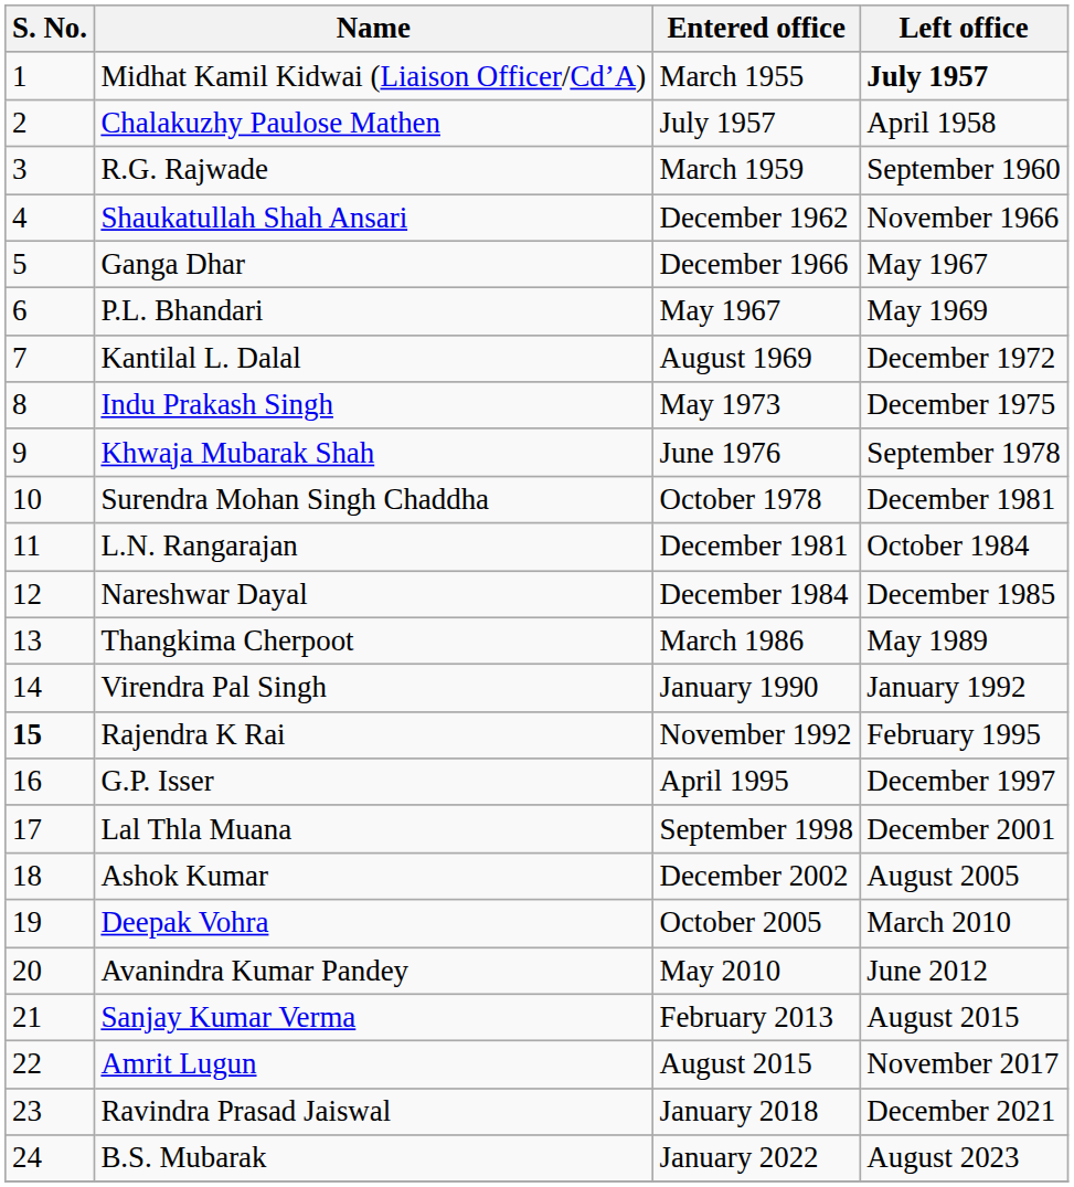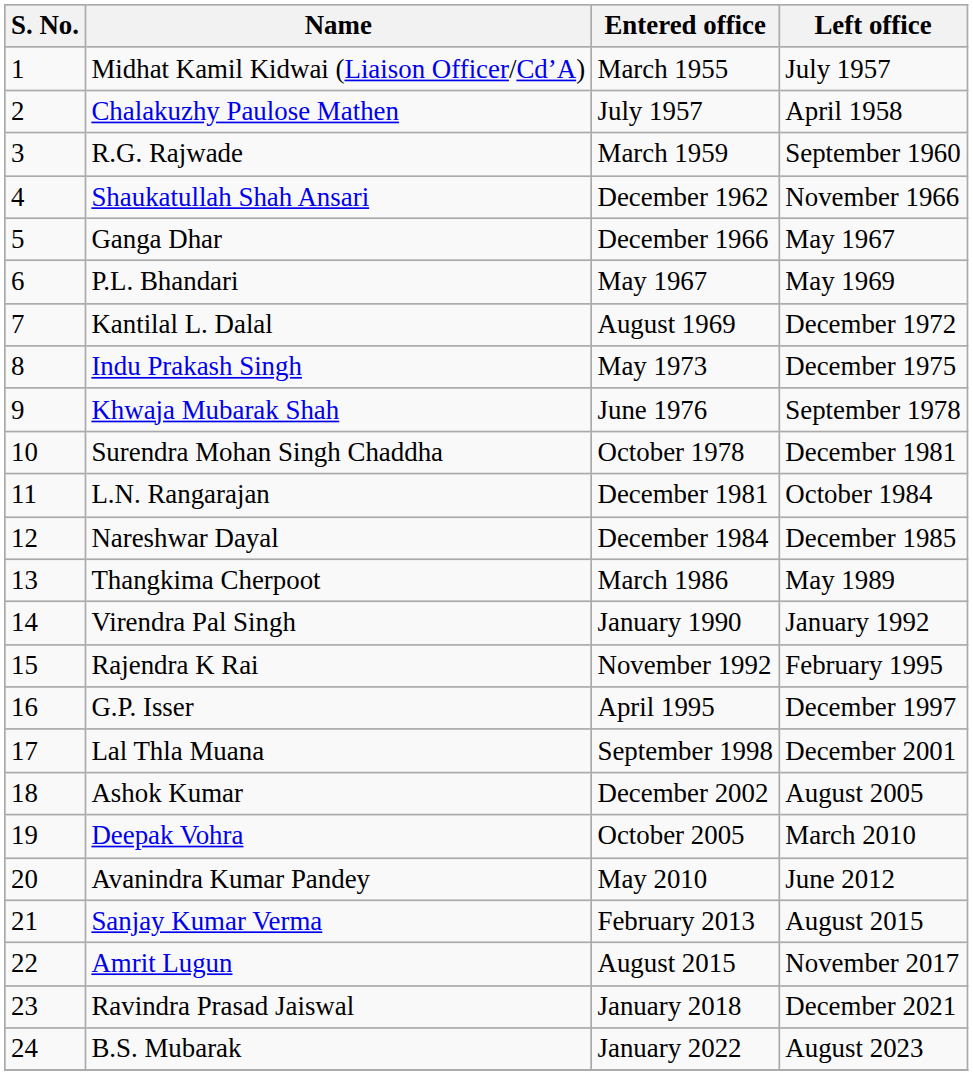 <table class="wikitable">
 <tr>
 <th>S. No.</th>
 <th>Name</th>
 <th>Entered office</th>
 <th>Left office</th>
 </tr>
 <tr>
 <td>1</td>
 <td>Midhat Kamil Kidwai (<a href='#'>Liaison Officer</a>/<a href='#'>Cd’A</a>)</td>
 <td>March 1955</td>
-<td><strong>July 1957</strong></td>
+<td>July 1957</td>
 </tr>
 <tr>
 <td>2</td>
 <td><a href='#'>Chalakuzhy Paulose Mathen</a></td>
 <td>July 1957</td>
 <td>April 1958</td>
 </tr>
 <tr>
 <td>3</td>
 <td>R.G. Rajwade</td>
 <td>March 1959</td>
 <td>September 1960</td>
 </tr>
 <tr>
 <td>4</td>
 <td><a href='#'>Shaukatullah Shah Ansari</a></td>
 <td>December 1962</td>
 <td>November 1966</td>
 </tr>
 <tr>
 <td>5</td>
 <td>Ganga Dhar</td>
 <td>December 1966</td>
 <td>May 1967</td>
 </tr>
 <tr>
 <td>6</td>
 <td>P.L. Bhandari</td>
 <td>May 1967</td>
 <td>May 1969</td>
 </tr>
 <tr>
 <td>7</td>
 <td>Kantilal L. Dalal</td>
 <td>August 1969</td>
 <td>December 1972</td>
 </tr>
 <tr>
 <td>8</td>
 <td><a href='#'>Indu Prakash Singh</a></td>
 <td>May 1973</td>
 <td>December 1975</td>
 </tr>
 <tr>
 <td>9</td>
 <td><a href='#'>Khwaja Mubarak Shah</a></td>
 <td>June 1976</td>
 <td>September 1978</td>
 </tr>
 <tr>
 <td>10</td>
 <td>Surendra Mohan Singh Chaddha</td>
 <td>October 1978</td>
 <td>December 1981</td>
 </tr>
 <tr>
 <td>11</td>
 <td>L.N. Rangarajan</td>
 <td>December 1981</td>
 <td>October 1984</td>
 </tr>
 <tr>
 <td>12</td>
 <td>Nareshwar Dayal</td>
 <td>December 1984</td>
 <td>December 1985</td>
 </tr>
 <tr>
 <td>13</td>
 <td>Thangkima Cherpoot</td>
 <td>March 1986</td>
 <td>May 1989</td>
 </tr>
 <tr>
 <td>14</td>
 <td>Virendra Pal Singh</td>
 <td>January 1990</td>
 <td>January 1992</td>
 </tr>
 <tr>
-<td><strong>15</strong></td>
+<td>15</td>
 <td>Rajendra K Rai</td>
 <td>November 1992</td>
 <td>February 1995</td>
 </tr>
 <tr>
 <td>16</td>
 <td>G.P. Isser</td>
 <td>April 1995</td>
 <td>December 1997</td>
 </tr>
 <tr>
 <td>17</td>
 <td>Lal Thla Muana</td>
 <td>September 1998</td>
 <td>December 2001</td>
 </tr>
 <tr>
 <td>18</td>
 <td>Ashok Kumar</td>
 <td>December 2002</td>
 <td>August 2005</td>
 </tr>
 <tr>
 <td>19</td>
 <td><a href='#'>Deepak Vohra</a></td>
 <td>October 2005</td>
 <td>March 2010</td>
 </tr>
 <tr>
 <td>20</td>
 <td>Avanindra Kumar Pandey</td>
 <td>May 2010</td>
 <td>June 2012</td>
 </tr>
 <tr>
 <td>21</td>
 <td><a href='#'>Sanjay Kumar Verma</a></td>
 <td>February 2013</td>
 <td>August 2015</td>
 </tr>
 <tr>
 <td>22</td>
 <td><a href='#'>Amrit Lugun</a></td>
 <td>August 2015</td>
 <td>November 2017</td>
 </tr>
 <tr>
 <td>23</td>
 <td>Ravindra Prasad Jaiswal</td>
 <td>January 2018</td>
 <td>December 2021</td>
 </tr>
 <tr>
 <td>24</td>
 <td>B.S. Mubarak</td>
 <td>January 2022</td>
 <td>August 2023</td>
 </tr>
 <tr>
 </tr>
 </table>
